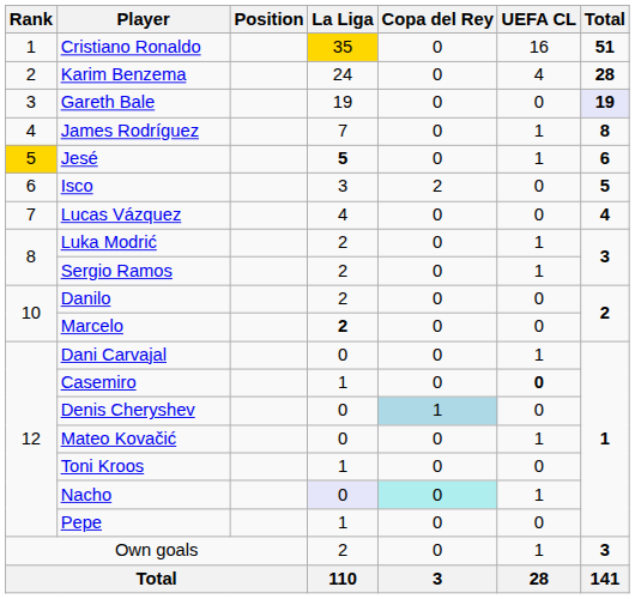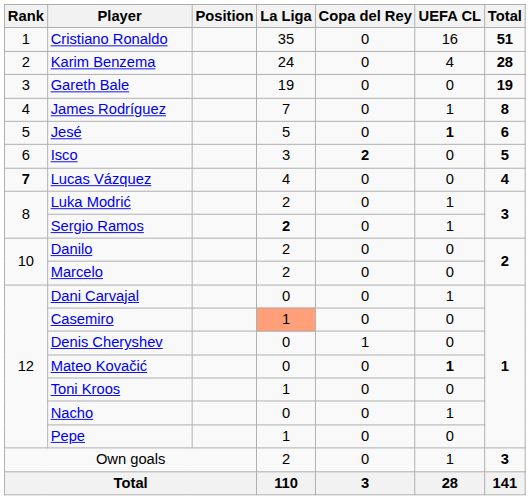 <table class="wikitable">
 <tr>
 <th>Rank</th>
 <th style="width:150px;">Player</th>
 <th>Position</th>
 <th>La Liga</th>
 <th>Copa del Rey</th>
 <th>UEFA CL</th>
 <th>Total</th>
 </tr>
 <tr>
 <td align=center>1</td>
 <td> <a href='#'>Cristiano Ronaldo</a></td>
 <td align=center></td>
-<td align=center style="background: gold;">35</td>
+<td align=center>35</td>
 <td align=center>0</td>
 <td align=center>16</td>
 <td align=center><strong>51</strong></td>
 </tr>
 <tr>
 <td align=center>2</td>
 <td> <a href='#'>Karim Benzema</a></td>
 <td align=center></td>
 <td align=center>24</td>
 <td align=center>0</td>
 <td align=center>4</td>
 <td align=center><strong>28</strong></td>
 </tr>
 <tr>
 <td align=center>3</td>
 <td> <a href='#'>Gareth Bale</a></td>
 <td align=center></td>
 <td align=center>19</td>
 <td align=center>0</td>
 <td align=center>0</td>
-<td align=center style="background: lavender;"><strong>19</strong></td>
+<td align=center><strong>19</strong></td>
 </tr>
 <tr>
 <td align=center>4</td>
 <td> <a href='#'>James Rodríguez</a></td>
 <td align=center></td>
 <td align=center>7</td>
 <td align=center>0</td>
 <td align=center>1</td>
 <td align=center><strong>8</strong></td>
 </tr>
 <tr>
-<td align=center style="background: gold;">5</td>
+<td align=center>5</td>
 <td> <a href='#'>Jesé</a></td>
 <td align=center></td>
-<td align=center><strong>5</strong></td>
+<td align=center>5</td>
 <td align=center>0</td>
-<td align=center>1</td>
+<td align=center><strong>1</strong></td>
 <td align=center><strong>6</strong></td>
 </tr>
 <tr>
 <td align=center>6</td>
 <td> <a href='#'>Isco</a></td>
 <td align=center></td>
 <td align=center>3</td>
-<td align=center>2</td>
+<td align=center><strong>2</strong></td>
 <td align=center>0</td>
 <td align=center><strong>5</strong></td>
 </tr>
 <tr>
-<td align=center>7</td>
+<td align=center><strong>7</strong></td>
 <td> <a href='#'>Lucas Vázquez</a></td>
 <td align=center></td>
 <td align=center>4</td>
 <td align=center>0</td>
 <td align=center>0</td>
 <td align=center><strong>4</strong></td>
 </tr>
 <tr>
 <td align=center rowspan=2>8</td>
 <td> <a href='#'>Luka Modrić</a></td>
 <td align=center></td>
 <td align=center>2</td>
 <td align=center>0</td>
 <td align=center>1</td>
 <td align=center rowspan=2><strong>3</strong></td>
 </tr>
 <tr>
 <td> <a href='#'>Sergio Ramos</a></td>
 <td align=center></td>
-<td align=center>2</td>
+<td align=center><strong>2</strong></td>
 <td align=center>0</td>
 <td align=center>1</td>
 </tr>
 <tr>
 <td align=center rowspan=2>10</td>
 <td> <a href='#'>Danilo</a></td>
 <td align=center></td>
 <td align=center>2</td>
 <td align=center>0</td>
 <td align=center>0</td>
 <td align=center rowspan=2><strong>2</strong></td>
 </tr>
 <tr>
 <td> <a href='#'>Marcelo</a></td>
 <td align=center></td>
-<td align=center><strong>2</strong></td>
+<td align=center>2</td>
 <td align=center>0</td>
 <td align=center>0</td>
 </tr>
 <tr>
 <td align=center rowspan=7>12</td>
 <td> <a href='#'>Dani Carvajal</a></td>
 <td align=center></td>
 <td align=center>0</td>
 <td align=center>0</td>
 <td align=center>1</td>
 <td align=center rowspan=7><strong>1</strong></td>
 </tr>
 <tr>
 <td> <a href='#'>Casemiro</a></td>
 <td align=center></td>
-<td align=center>1</td>
+<td align=center style="background: lightsalmon;">1</td>
 <td align=center>0</td>
-<td align=center><strong>0</strong></td>
+<td align=center>0</td>
 </tr>
 <tr>
 <td> <a href='#'>Denis Cheryshev</a></td>
 <td align=center></td>
 <td align=center>0</td>
-<td align=center style="background: lightblue;">1</td>
+<td align=center>1</td>
 <td align=center>0</td>
 </tr>
 <tr>
 <td> <a href='#'>Mateo Kovačić</a></td>
 <td align=center></td>
 <td align=center>0</td>
 <td align=center>0</td>
-<td align=center>1</td>
+<td align=center><strong>1</strong></td>
 </tr>
 <tr>
 <td> <a href='#'>Toni Kroos</a></td>
 <td align=center></td>
 <td align=center>1</td>
 <td align=center>0</td>
 <td align=center>0</td>
 </tr>
 <tr>
 <td> <a href='#'>Nacho</a></td>
 <td align=center></td>
-<td align=center style="background: lavender;">0</td>
-<td align=center style="background: paleturquoise;">0</td>
+<td align=center>0</td>
+<td align=center>0</td>
 <td align=center>1</td>
 </tr>
 <tr>
 <td> <a href='#'>Pepe</a></td>
 <td align=center></td>
 <td align=center>1</td>
 <td align=center>0</td>
 <td align=center>0</td>
 </tr>
 <tr>
 <td align=center colspan=3>Own goals</td>
 <td align=center>2</td>
 <td align=center>0</td>
 <td align=center>1</td>
 <td align=center><strong>3</strong></td>
 </tr>
 <tr>
 <th align=center colspan=3>Total</th>
 <th align=center>110</th>
 <th align=center>3</th>
 <th align=center>28</th>
 <th align=center>141</th>
 </tr>
 </table>
